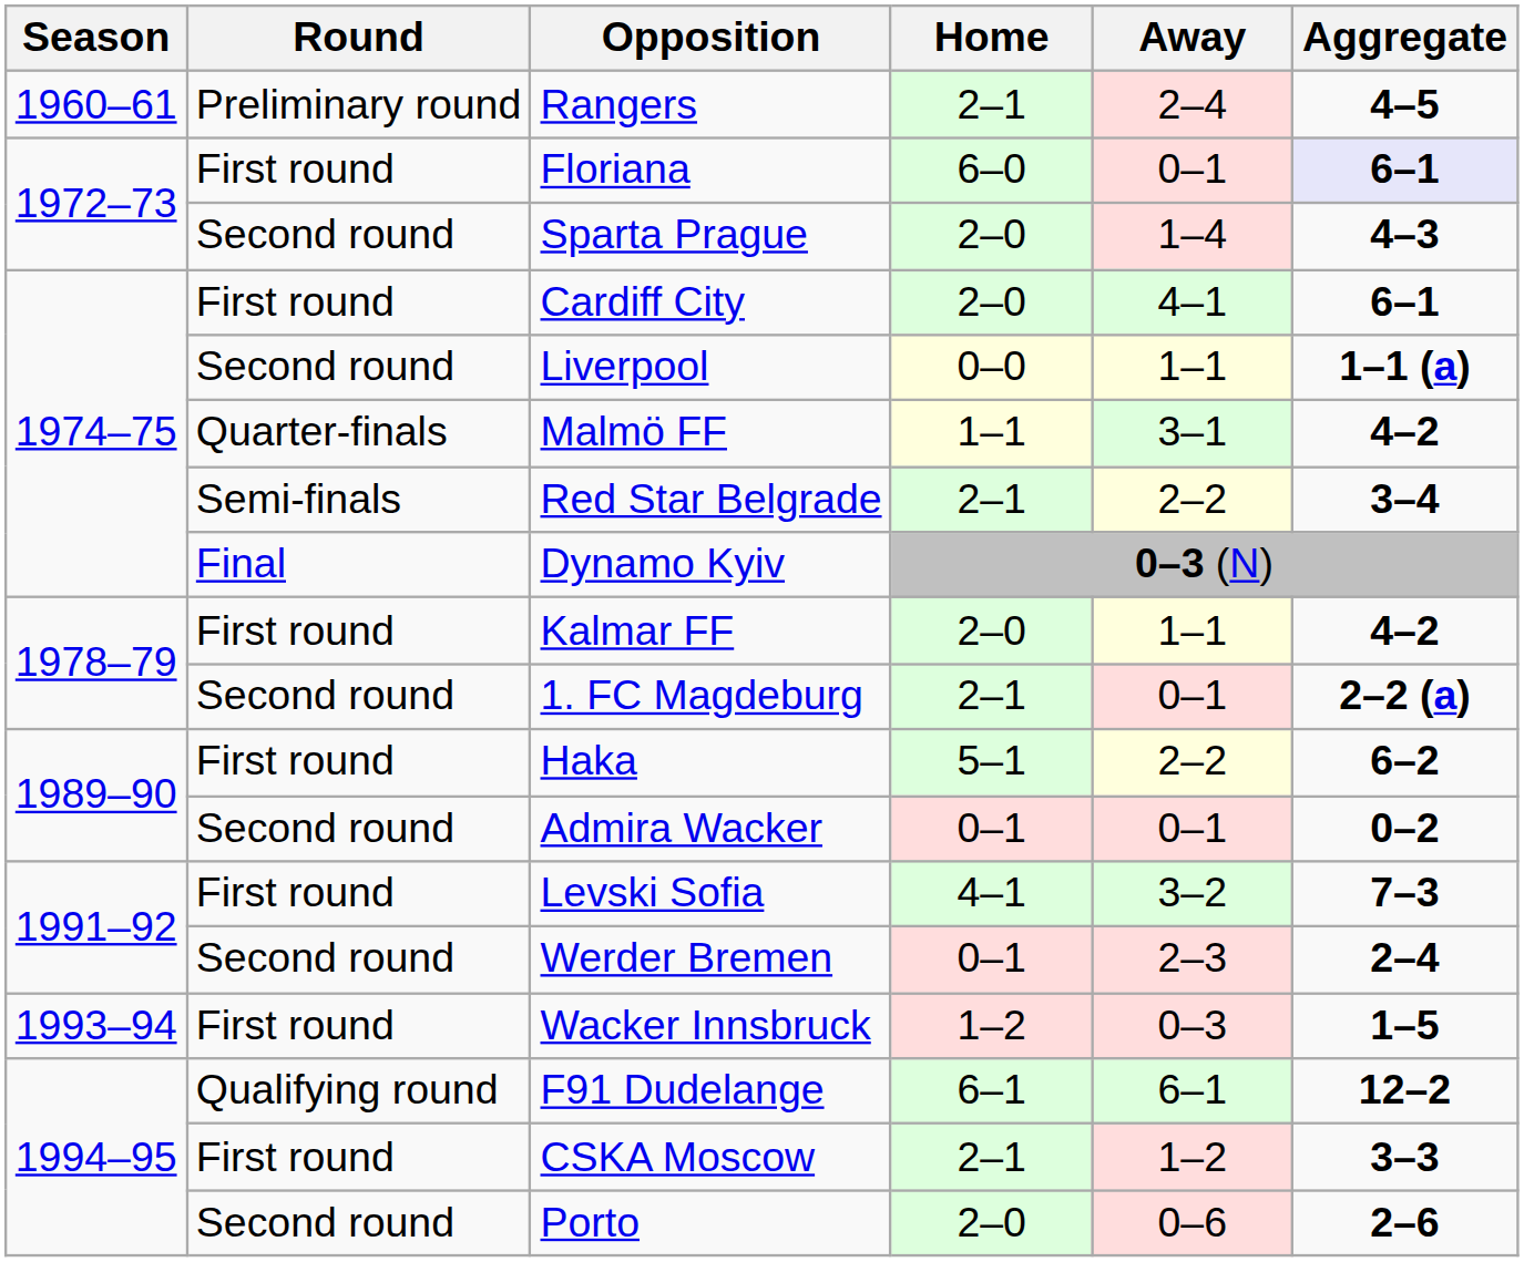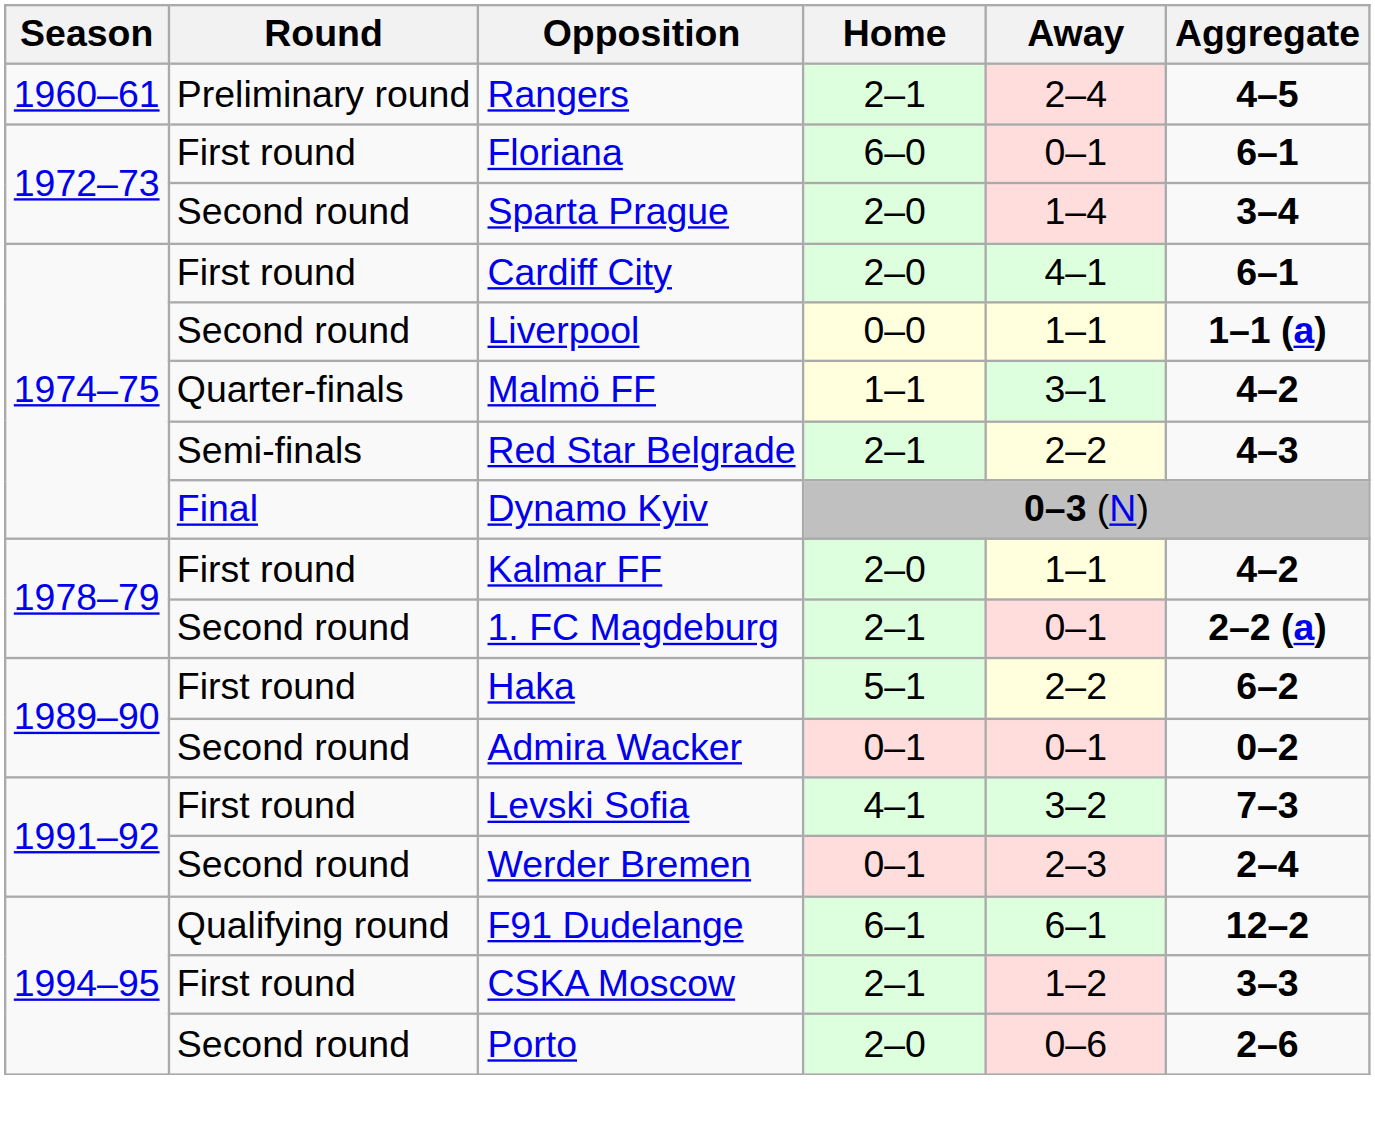 <table class="wikitable">
 <tr>
 <th>Season</th>
 <th>Round</th>
 <th>Opposition</th>
 <th width=70>Home</th>
 <th width=70>Away</th>
 <th width=75>Aggregate</th>
 </tr>
 <tr>
 <td><a href='#'>1960–61</a></td>
 <td>Preliminary round</td>
 <td> <a href='#'>Rangers</a></td>
 <td style="text-align:center; background:#dfd;">2–1</td>
 <td style="text-align:center; background:#fdd;">2–4</td>
 <td style="text-align:center;"><strong>4–5</strong></td>
 </tr>
 <tr>
 <td rowspan=2><a href='#'>1972–73</a></td>
 <td>First round</td>
 <td> <a href='#'>Floriana</a></td>
 <td style="text-align:center; background:#dfd;">6–0</td>
 <td style="text-align:center; background:#fdd;">0–1</td>
-<td style="background: lavender; text-align:center;"><strong>6–1</strong></td>
+<td style="text-align:center;"><strong>6–1</strong></td>
 </tr>
 <tr>
 <td>Second round</td>
 <td> <a href='#'>Sparta Prague</a></td>
 <td style="text-align:center; background:#dfd;">2–0</td>
 <td style="text-align:center; background:#fdd;">1–4</td>
-<td style="text-align:center;"><strong>4–3</strong></td>
+<td style="text-align:center;"><strong>3–4</strong></td>
 </tr>
 <tr>
 <td rowspan=5><a href='#'>1974–75</a></td>
 <td>First round</td>
 <td> <a href='#'>Cardiff City</a></td>
 <td style="text-align:center; background:#dfd;">2–0</td>
 <td style="text-align:center; background:#dfd;">4–1</td>
 <td style="text-align:center;"><strong>6–1</strong></td>
 </tr>
 <tr>
 <td>Second round</td>
 <td> <a href='#'>Liverpool</a></td>
 <td style="text-align:center; background:#ffd;">0–0</td>
 <td style="text-align:center; background:#ffd;">1–1</td>
 <td style="text-align:center;"><strong>1–1 (<a href='#'>a</a>)</strong></td>
 </tr>
 <tr>
 <td>Quarter-finals</td>
 <td> <a href='#'>Malmö FF</a></td>
 <td style="text-align:center; background:#ffd;">1–1</td>
 <td style="text-align:center; background:#dfd;">3–1</td>
 <td style="text-align:center;"><strong>4–2</strong></td>
 </tr>
 <tr>
 <td>Semi-finals</td>
 <td> <a href='#'>Red Star Belgrade</a></td>
 <td style="text-align:center; background:#dfd;">2–1</td>
 <td style="text-align:center; background:#ffd;">2–2</td>
-<td style="text-align:center;"><strong>3–4</strong></td>
+<td style="text-align:center;"><strong>4–3</strong></td>
 </tr>
 <tr>
 <td><a href='#'>Final</a></td>
 <td> <a href='#'>Dynamo Kyiv</a></td>
 <td colspan=3 bgcolor=Silver style="text-align:center;"><strong>0–3</strong> (<a href='#'>N</a>)</td>
 </tr>
 <tr>
 <td rowspan=2><a href='#'>1978–79</a></td>
 <td>First round</td>
 <td> <a href='#'>Kalmar FF</a></td>
 <td style="text-align:center; background:#dfd;">2–0</td>
 <td style="text-align:center; background:#ffd;">1–1</td>
 <td style="text-align:center;"><strong>4–2</strong></td>
 </tr>
 <tr>
 <td>Second round</td>
 <td> <a href='#'>1. FC Magdeburg</a></td>
 <td style="text-align:center; background:#dfd;">2–1</td>
 <td style="text-align:center; background:#fdd;">0–1</td>
 <td style="text-align:center;"><strong>2–2 (<a href='#'>a</a>)</strong></td>
 </tr>
 <tr>
 <td rowspan=2><a href='#'>1989–90</a></td>
 <td>First round</td>
 <td> <a href='#'>Haka</a></td>
 <td style="text-align:center; background:#dfd;">5–1</td>
 <td style="text-align:center; background:#ffd;">2–2</td>
 <td style="text-align:center;"><strong>6–2</strong></td>
 </tr>
 <tr>
 <td>Second round</td>
 <td> <a href='#'>Admira Wacker</a></td>
 <td style="text-align:center; background:#fdd;">0–1</td>
 <td style="text-align:center; background:#fdd;">0–1</td>
 <td style="text-align:center;"><strong>0–2</strong></td>
 </tr>
 <tr>
 <td rowspan=2><a href='#'>1991–92</a></td>
 <td>First round</td>
 <td> <a href='#'>Levski Sofia</a></td>
 <td style="text-align:center; background:#dfd;">4–1</td>
 <td style="text-align:center; background:#dfd;">3–2</td>
 <td style="text-align:center;"><strong>7–3</strong></td>
 </tr>
 <tr>
 <td>Second round</td>
 <td> <a href='#'>Werder Bremen</a></td>
 <td style="text-align:center; background:#fdd;">0–1</td>
 <td style="text-align:center; background:#fdd;">2–3</td>
 <td style="text-align:center;"><strong>2–4</strong></td>
 </tr>
 <tr>
-<td><a href='#'>1993–94</a></td>
-<td>First round</td>
-<td> <a href='#'>Wacker Innsbruck</a></td>
-<td style="text-align:center; background:#fdd;">1–2</td>
-<td style="text-align:center; background:#fdd;">0–3</td>
-<td style="text-align:center;"><strong>1–5</strong></td>
-</tr>
-<tr>
 <td rowspan=3><a href='#'>1994–95</a></td>
 <td>Qualifying round</td>
 <td> <a href='#'>F91 Dudelange</a></td>
 <td style="text-align:center; background:#dfd;">6–1</td>
 <td style="text-align:center; background:#dfd;">6–1</td>
 <td style="text-align:center;"><strong>12–2</strong></td>
 </tr>
 <tr>
 <td>First round</td>
 <td> <a href='#'>CSKA Moscow</a></td>
 <td style="text-align:center; background:#dfd;">2–1</td>
 <td style="text-align:center; background:#fdd;">1–2</td>
 <td style="text-align:center;"><strong>3–3 </strong></td>
 </tr>
 <tr>
 <td>Second round</td>
 <td> <a href='#'>Porto</a></td>
 <td style="text-align:center; background:#dfd;">2–0</td>
 <td style="text-align:center; background:#fdd;">0–6</td>
 <td style="text-align:center;"><strong>2–6</strong></td>
 </tr>
 </table>
